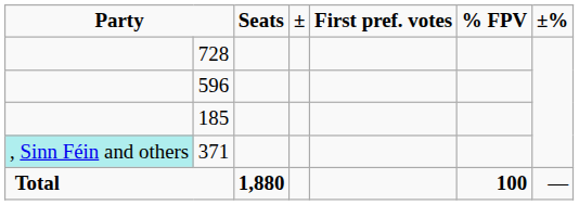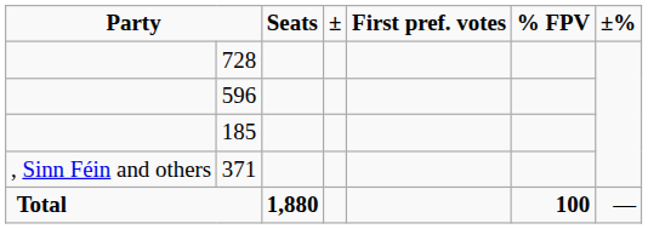 <table class="wikitable">
 <tr>
 <td colspan="2" rowspan="1" align="center" valign="top"><strong>Party</strong></td>
 <td valign="top"><strong>Seats</strong></td>
 <td valign="top" align="center"><strong>±</strong></td>
 <td valign="top"><strong>First pref. votes</strong></td>
 <td valign="top"><strong>% FPV</strong></td>
 <td valign="top" align="center"><strong>±%</strong></td>
 </tr>
 <tr>
 <td></td>
 <td align="right">728</td>
 <td align="right"></td>
 <td align="right"></td>
 <td align="right"></td>
 <td align="right"></td>
 </tr>
 <tr>
 <td></td>
 <td align="right">596</td>
 <td align="right"></td>
 <td align="right"></td>
 <td align="right"></td>
 <td align="right"></td>
 </tr>
 <tr>
 <td></td>
 <td align="right">185</td>
 <td align="right"></td>
 <td align="right"></td>
 <td align="right"></td>
 <td align="right"></td>
 </tr>
 <tr>
-<td style="background: paleturquoise;">, <a href='#'>Sinn Féin</a> and others</td>
+<td>, <a href='#'>Sinn Féin</a> and others</td>
 <td align="right">371</td>
 <td align="right"></td>
 <td align="right"></td>
 <td align="right"></td>
 <td align="right"></td>
 </tr>
 <tr>
 <td colspan="2" rowspan="1"> <strong>Total</strong></td>
 <td align="right"><strong>1,880</strong></td>
 <td align="right"></td>
 <td align="right"></td>
 <td align="right"><strong>100</strong></td>
 <td align="right">—</td>
 </tr>
 </table>
